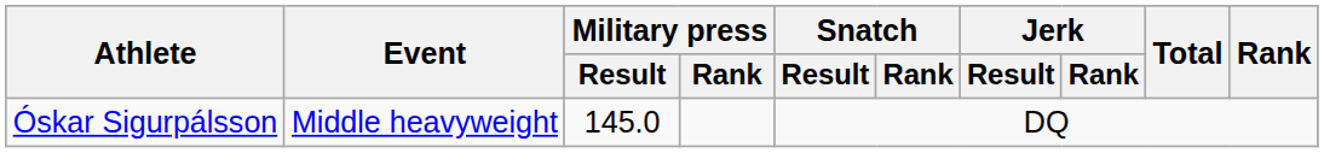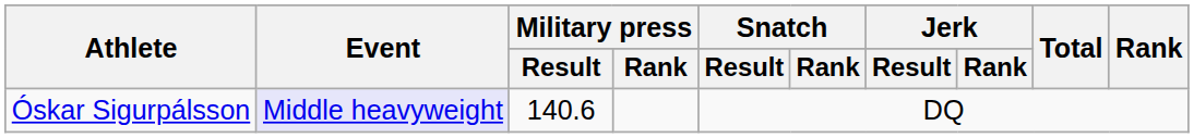 <table class="wikitable" style="font-size:90%">
 <tr>
 <th rowspan="2">Athlete</th>
 <th rowspan="2">Event</th>
 <th colspan="2">Military press</th>
 <th colspan="2">Snatch</th>
 <th colspan="2">Jerk</th>
 <th rowspan="2">Total</th>
 <th rowspan="2">Rank</th>
 </tr>
 <tr style="font-size:95%">
 <th>Result</th>
 <th>Rank</th>
 <th>Result</th>
 <th>Rank</th>
 <th>Result</th>
 <th>Rank</th>
 </tr>
 <tr align=center>
 <td align=left><a href='#'>Óskar Sigurpálsson</a></td>
-<td align=left><a href='#'>Middle heavyweight</a></td>
-<td>145.0</td>
+<td align=left style="background: lavender;"><a href='#'>Middle heavyweight</a></td>
+<td>140.6</td>
 <td></td>
 <td colspan=6>DQ</td>
 </tr>
 </table>
